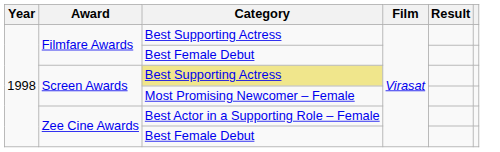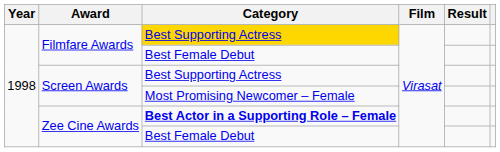 <table class="wikitable sortable">
 <tr>
 <th>Year</th>
 <th>Award</th>
 <th>Category</th>
 <th>Film</th>
 <th>Result</th>
 <th class="unsortable"></th>
 </tr>
 <tr>
 <td rowspan="6">1998</td>
 <td rowspan="2"><a href='#'>Filmfare Awards</a></td>
-<td><a href='#'>Best Supporting Actress</a></td>
+<td style="background: gold;"><a href='#'>Best Supporting Actress</a></td>
 <td rowspan="6"><em><a href='#'>Virasat</a></em></td>
 <td></td>
 <td style="text-align:center;"></td>
 </tr>
 <tr>
 <td><a href='#'>Best Female Debut</a></td>
 <td></td>
 <td style="text-align:center;"></td>
 </tr>
 <tr>
 <td rowspan="2"><a href='#'>Screen Awards</a></td>
-<td style="background: khaki;"><a href='#'>Best Supporting Actress</a></td>
+<td><a href='#'>Best Supporting Actress</a></td>
 <td></td>
 <td style="text-align:center;"></td>
 </tr>
 <tr>
 <td><a href='#'>Most Promising Newcomer – Female</a></td>
 <td></td>
 <td style="text-align:center;"></td>
 </tr>
 <tr>
 <td rowspan="2"><a href='#'>Zee Cine Awards</a></td>
-<td><a href='#'>Best Actor in a Supporting Role – Female</a></td>
+<td><strong><a href='#'>Best Actor in a Supporting Role – Female</a></strong></td>
 <td></td>
 <td style="text-align:center;"></td>
 </tr>
 <tr>
 <td><a href='#'>Best Female Debut</a></td>
 <td></td>
 <td style="text-align:center;"></td>
 </tr>
 </table>
